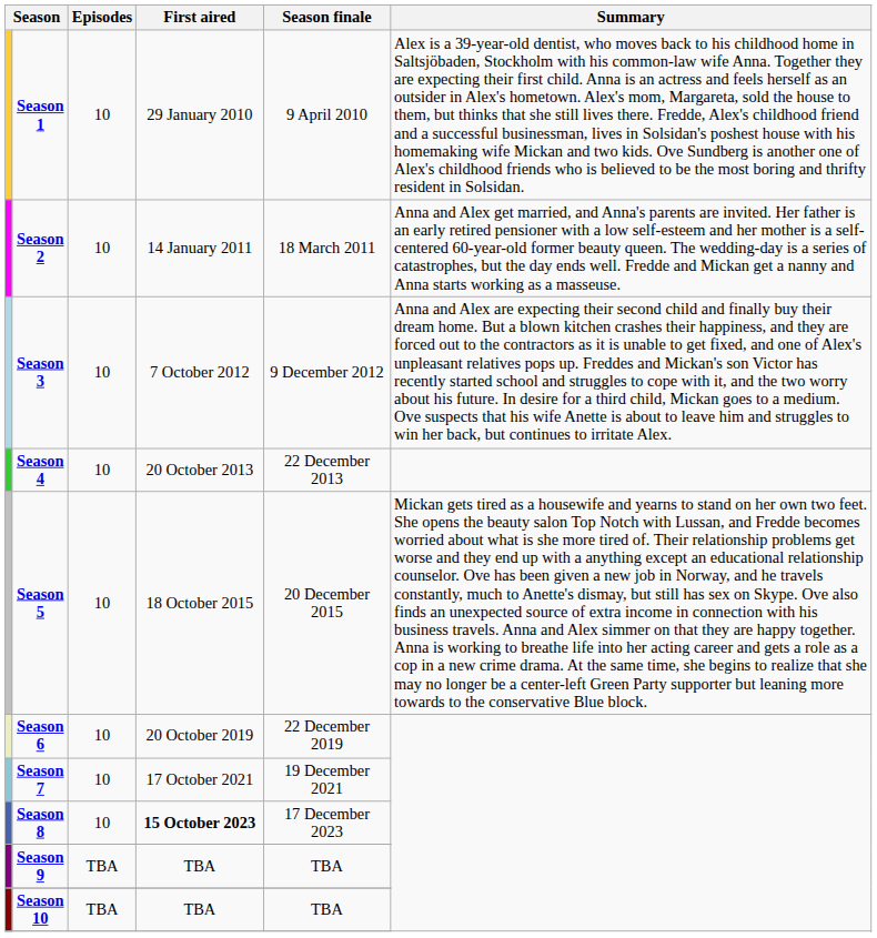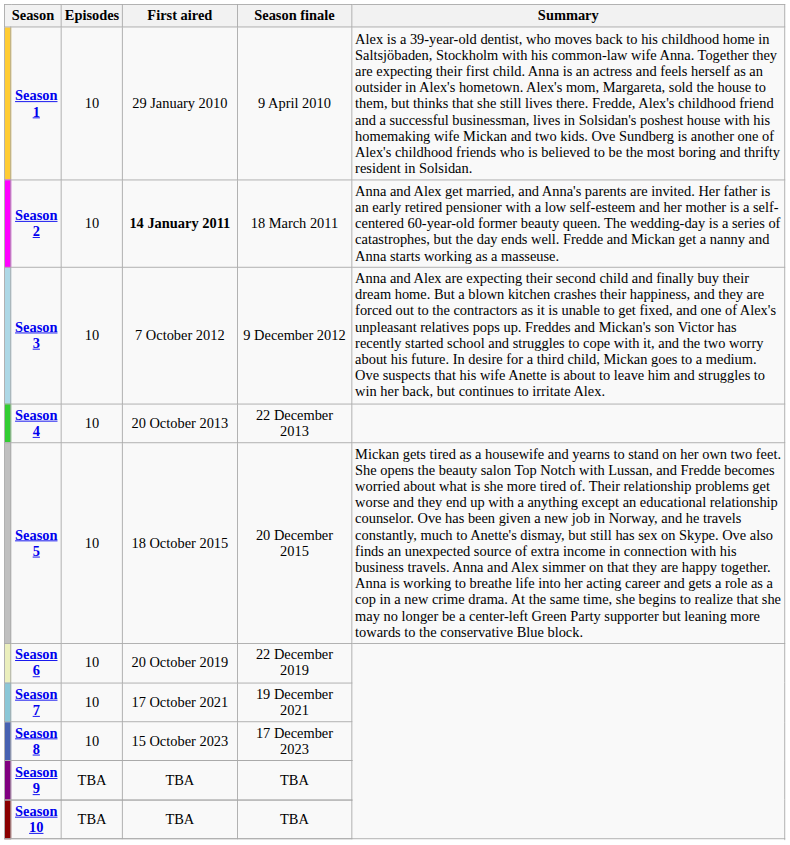 <table class="wikitable">
 <tr>
 <th ! colspan="2">Season</th>
 <th>Episodes</th>
 <th>First aired</th>
 <th>Season finale</th>
 <th>Summary</th>
 </tr>
 <tr>
 <td bgcolor="#FFCC33" height="10px"></td>
 <td align="center"><strong><a href='#'>Season 1</a></strong></td>
 <td align="center">10</td>
 <td align="center" width="120">29 January 2010</td>
 <td align="center" width="120">9 April 2010</td>
 <td>Alex is a 39-year-old dentist, who moves back to his childhood home in Saltsjöbaden, Stockholm with his common-law wife Anna. Together they are expecting their first child. Anna is an actress and feels herself as an outsider in Alex's hometown. Alex's mom, Margareta, sold the house to them, but thinks that she still lives there. Fredde, Alex's childhood friend and a successful businessman, lives in Solsidan's poshest house with his homemaking wife Mickan and two kids. Ove Sundberg is another one of Alex's childhood friends who is believed to be the most boring and thrifty resident in Solsidan.</td>
 </tr>
 <tr>
 <td bgcolor="#FF00FF" height="10px"></td>
 <td align="center"><strong><a href='#'>Season 2</a></strong></td>
 <td align="center">10</td>
-<td align="center" width="120">14 January 2011</td>
+<td align="center" width="120"><strong>14 January 2011</strong></td>
 <td align="center" width="120">18 March 2011</td>
 <td>Anna and Alex get married, and Anna's parents are invited. Her father is an early retired pensioner with a low self-esteem and her mother is a self-centered 60-year-old former beauty queen. The wedding-day is a series of catastrophes, but the day ends well. Fredde and Mickan get a nanny and Anna starts working as a masseuse.</td>
 </tr>
 <tr>
 <td bgcolor="LIGHTBLUE" height="10px"></td>
 <td align="center"><strong><a href='#'>Season 3</a></strong></td>
 <td align="center">10</td>
 <td align="center" width="120">7 October 2012</td>
 <td align="center" width="120">9 December 2012</td>
 <td>Anna and Alex are expecting their second child and finally buy their dream home. But a blown kitchen crashes their happiness, and they are forced out to the contractors as it is unable to get fixed, and one of Alex's unpleasant relatives pops up. Freddes and Mickan's son Victor has recently started school and struggles to cope with it, and the two worry about his future. In desire for a third child, Mickan goes to a medium. Ove suspects that his wife Anette is about to leave him and struggles to win her back, but continues to irritate Alex.</td>
 </tr>
 <tr>
 <td bgcolor="#32CD32" height="10px"></td>
 <td align="center"><strong><a href='#'>Season 4</a></strong></td>
 <td align="center">10</td>
 <td align="center" width="120">20 October 2013</td>
 <td align="center" width="120">22 December 2013</td>
 <td></td>
 </tr>
 <tr>
 <td bgcolor="#C0C0C0" height="10px"></td>
 <td align="center"><strong><a href='#'>Season 5</a></strong></td>
 <td align="center">10</td>
 <td align="center" width="120">18 October 2015</td>
 <td align="center" width="120">20 December 2015</td>
 <td>Mickan gets tired as a housewife and yearns to stand on her own two feet. She opens the beauty salon Top Notch with Lussan, and Fredde becomes worried about what is she more tired of. Their relationship problems get worse and they end up with a anything except an educational relationship counselor. Ove has been given a new job in Norway, and he travels constantly, much to Anette's dismay, but still has sex on Skype. Ove also finds an unexpected source of extra income in connection with his business travels. Anna and Alex simmer on that they are happy together. Anna is working to breathe life into her acting career and gets a role as a cop in a new crime drama. At the same time, she begins to realize that she may no longer be a center-left Green Party supporter but leaning more towards to the conservative Blue block.</td>
 </tr>
 <tr>
 <td bgcolor="#ebefbd" height="10px"></td>
 <td align="center"><strong><a href='#'>Season 6</a></strong></td>
 <td align="center">10</td>
 <td align="center" width="120">20 October 2019</td>
 <td align="center" width="120">22 December 2019</td>
 </tr>
 <tr>
 <td bgcolor="#8bc7d7" height="10px"></td>
 <td align="center"><strong><a href='#'>Season 7</a></strong></td>
 <td align="center">10</td>
 <td align="center" width="120">17 October 2021</td>
 <td align="center" width="120">19 December 2021</td>
 </tr>
 <tr>
 <td bgcolor="#4761b1" height="10px"></td>
 <td align="center"><strong><a href='#'>Season 8</a></strong></td>
 <td align="center">10</td>
-<td align="center" width="120"><strong>15 October 2023</strong></td>
+<td align="center" width="120">15 October 2023</td>
 <td align="center" width="120">17 December 2023</td>
 </tr>
 <tr>
 </tr>
 <tr>
 <td bgcolor="#800080" height="10px"></td>
 <td align="center"><strong><a href='#'>Season 9</a></strong></td>
 <td align="center">TBA</td>
 <td align="center" width="120">TBA</td>
 <td align="center" width="120">TBA</td>
 </tr>
 <tr>
 </tr>
 <tr>
 <td bgcolor="#8B0000" height="10px"></td>
 <td align="center"><strong><a href='#'>Season 10</a></strong></td>
 <td align="center">TBA</td>
 <td align="center" width="120">TBA</td>
 <td align="center" width="120">TBA</td>
 </tr>
 <tr>
 </tr>
 </table>
